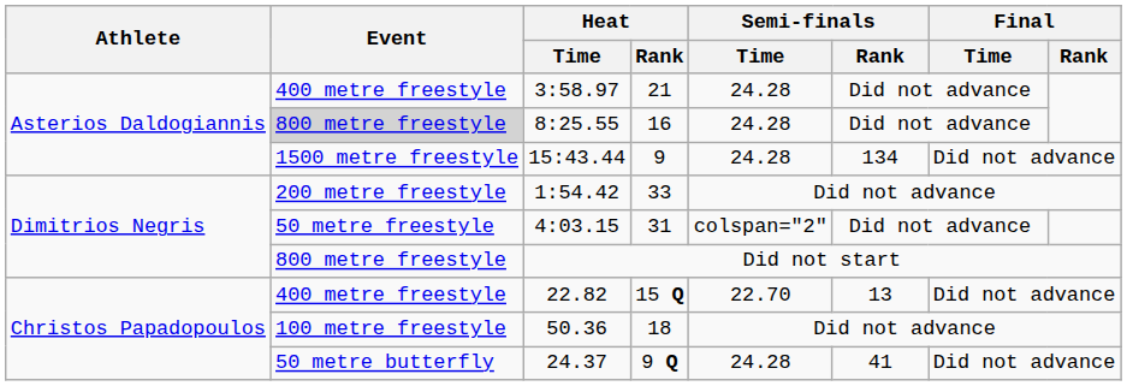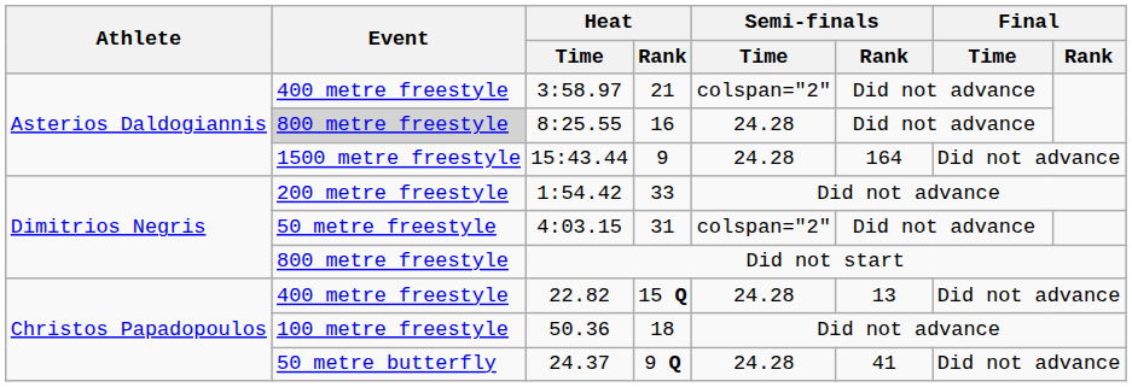 <table class="wikitable" style="font-size:90%; text-align:center">
 <tr>
 <th rowspan="2">Athlete</th>
 <th rowspan="2">Event</th>
 <th colspan="2">Heat</th>
 <th colspan="2">Semi-finals</th>
 <th colspan="2">Final</th>
 </tr>
 <tr>
 <th>Time</th>
 <th>Rank</th>
 <th>Time</th>
 <th>Rank</th>
 <th>Time</th>
 <th>Rank</th>
 </tr>
 <tr>
 <td align="left" rowspan="3"><a href='#'>Asterios Daldogiannis</a></td>
 <td align="left"><a href='#'>400 metre freestyle</a></td>
 <td>3:58.97</td>
 <td>21</td>
-<td>24.28</td>
+<td>colspan="2" </td>
 <td colspan="2">Did not advance</td>
 </tr>
 <tr>
 <td align="left" style="background: lightgrey;"><a href='#'>800 metre freestyle</a></td>
 <td>8:25.55</td>
 <td>16</td>
 <td>24.28</td>
 <td colspan="2">Did not advance</td>
 </tr>
 <tr>
 <td align="left"><a href='#'>1500 metre freestyle</a></td>
 <td>15:43.44</td>
 <td>9</td>
 <td>24.28</td>
-<td>134</td>
+<td>164</td>
 <td colspan="2">Did not advance</td>
 </tr>
 <tr>
 <td align="left" rowspan="3"><a href='#'>Dimitrios Negris</a></td>
 <td align="left"><a href='#'>200 metre freestyle</a></td>
 <td>1:54.42</td>
 <td>33</td>
 <td colspan="4">Did not advance</td>
 </tr>
 <tr>
 <td align="left"><a href='#'>50 metre freestyle</a></td>
 <td>4:03.15</td>
 <td>31</td>
 <td>colspan="2" </td>
 <td colspan="2">Did not advance</td>
 </tr>
 <tr>
 <td align="left"><a href='#'>800 metre freestyle</a></td>
 <td colspan="6">Did not start</td>
 </tr>
 <tr>
 <td align="left" rowspan="3"><a href='#'>Christos Papadopoulos</a></td>
 <td align="left"><a href='#'>400 metre freestyle</a></td>
 <td>22.82</td>
 <td>15 <strong>Q</strong></td>
-<td>22.70</td>
+<td>24.28</td>
 <td>13</td>
 <td colspan="2">Did not advance</td>
 </tr>
 <tr>
 <td align="left"><a href='#'>100 metre freestyle</a></td>
 <td>50.36</td>
 <td>18</td>
 <td colspan="4">Did not advance</td>
 </tr>
 <tr>
 <td align="left"><a href='#'>50 metre butterfly</a></td>
 <td>24.37</td>
 <td>9 <strong>Q</strong></td>
 <td>24.28</td>
 <td>41</td>
 <td colspan="2">Did not advance</td>
 </tr>
 </table>
